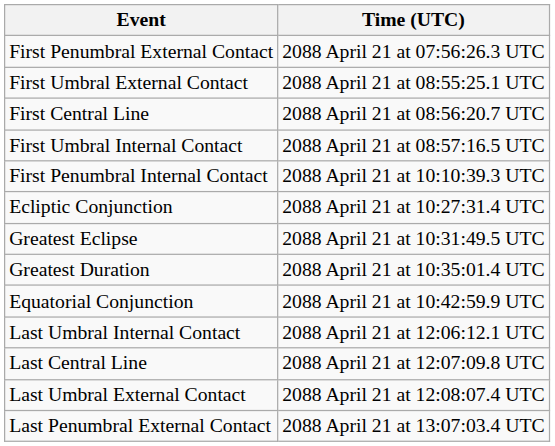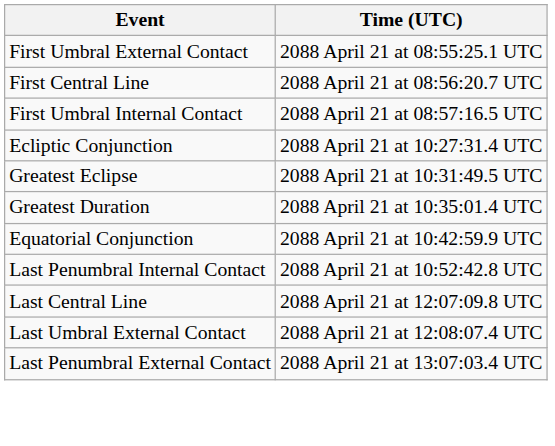 <table class="wikitable">
 <tr>
 <th>Event</th>
 <th>Time (UTC)</th>
-</tr>
-<tr>
-<td>First Penumbral External Contact</td>
-<td>2088 April 21 at 07:56:26.3 UTC</td>
 </tr>
 <tr>
 <td>First Umbral External Contact</td>
 <td>2088 April 21 at 08:55:25.1 UTC</td>
 </tr>
 <tr>
 <td>First Central Line</td>
 <td>2088 April 21 at 08:56:20.7 UTC</td>
 </tr>
 <tr>
 <td>First Umbral Internal Contact</td>
 <td>2088 April 21 at 08:57:16.5 UTC</td>
-</tr>
-<tr>
-<td>First Penumbral Internal Contact</td>
-<td>2088 April 21 at 10:10:39.3 UTC</td>
 </tr>
 <tr>
 <td>Ecliptic Conjunction</td>
 <td>2088 April 21 at 10:27:31.4 UTC</td>
 </tr>
 <tr>
 <td>Greatest Eclipse</td>
 <td>2088 April 21 at 10:31:49.5 UTC</td>
 </tr>
 <tr>
 <td>Greatest Duration</td>
 <td>2088 April 21 at 10:35:01.4 UTC</td>
 </tr>
 <tr>
 <td>Equatorial Conjunction</td>
 <td>2088 April 21 at 10:42:59.9 UTC</td>
 </tr>
 <tr>
-<td>Last Umbral Internal Contact</td>
-<td>2088 April 21 at 12:06:12.1 UTC</td>
+<td>Last Penumbral Internal Contact</td>
+<td>2088 April 21 at 10:52:42.8 UTC</td>
 </tr>
 <tr>
 <td>Last Central Line</td>
 <td>2088 April 21 at 12:07:09.8 UTC</td>
 </tr>
 <tr>
 <td>Last Umbral External Contact</td>
 <td>2088 April 21 at 12:08:07.4 UTC</td>
 </tr>
 <tr>
 <td>Last Penumbral External Contact</td>
 <td>2088 April 21 at 13:07:03.4 UTC</td>
 </tr>
 </table>
